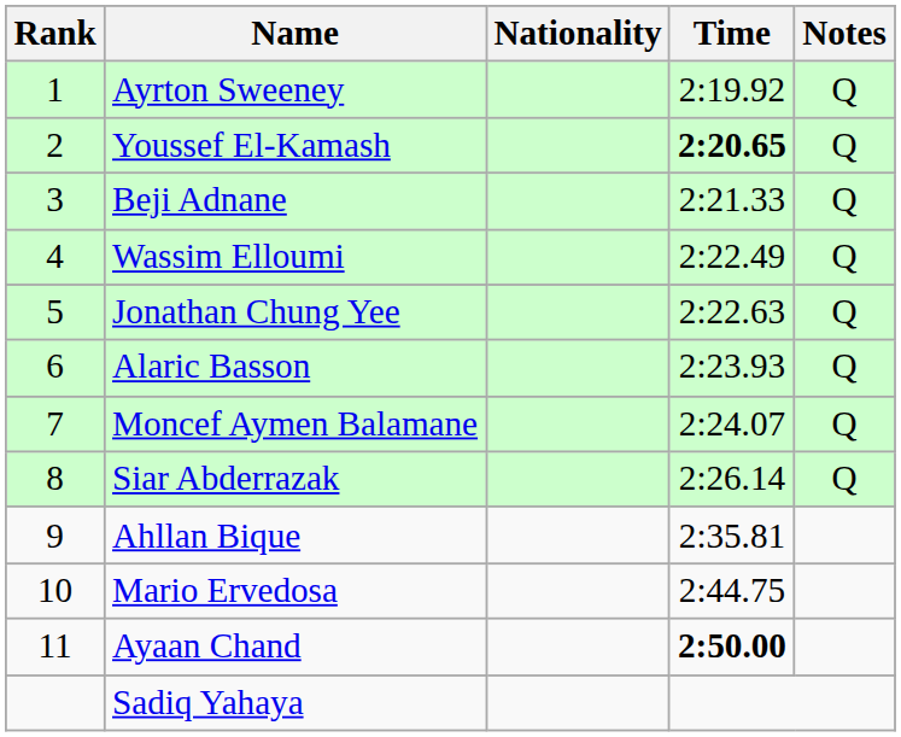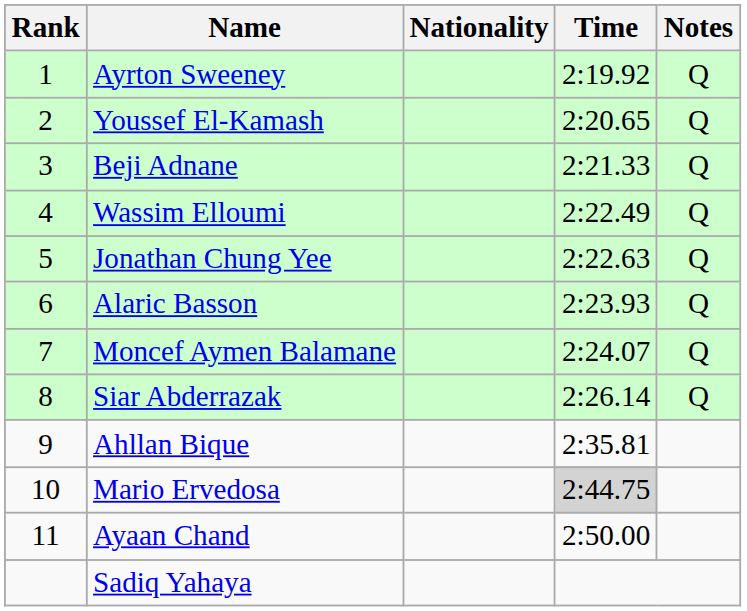 <table class="wikitable sortable" style="text-align:center">
 <tr>
 <th>Rank</th>
 <th>Name</th>
 <th>Nationality</th>
 <th>Time</th>
 <th>Notes</th>
 </tr>
 <tr bgcolor=ccffcc>
 <td>1</td>
 <td align=left><a href='#'>Ayrton Sweeney</a></td>
 <td align=left></td>
 <td>2:19.92</td>
 <td>Q</td>
 </tr>
 <tr bgcolor=ccffcc>
 <td>2</td>
 <td align=left><a href='#'>Youssef El-Kamash</a></td>
 <td align=left></td>
-<td><strong>2:20.65</strong></td>
+<td>2:20.65</td>
 <td>Q</td>
 </tr>
 <tr bgcolor=ccffcc>
 <td>3</td>
 <td align=left><a href='#'>Beji Adnane</a></td>
 <td align=left></td>
 <td>2:21.33</td>
 <td>Q</td>
 </tr>
 <tr bgcolor=ccffcc>
 <td>4</td>
 <td align=left><a href='#'>Wassim Elloumi</a></td>
 <td align=left></td>
 <td>2:22.49</td>
 <td>Q</td>
 </tr>
 <tr bgcolor=ccffcc>
 <td>5</td>
 <td align=left><a href='#'>Jonathan Chung Yee</a></td>
 <td align=left></td>
 <td>2:22.63</td>
 <td>Q</td>
 </tr>
 <tr bgcolor=ccffcc>
 <td>6</td>
 <td align=left><a href='#'>Alaric Basson</a></td>
 <td align=left></td>
 <td>2:23.93</td>
 <td>Q</td>
 </tr>
 <tr bgcolor=ccffcc>
 <td>7</td>
 <td align=left><a href='#'>Moncef Aymen Balamane</a></td>
 <td align=left></td>
 <td>2:24.07</td>
 <td>Q</td>
 </tr>
 <tr bgcolor=ccffcc>
 <td>8</td>
 <td align=left><a href='#'>Siar Abderrazak</a></td>
 <td align=left></td>
 <td>2:26.14</td>
 <td>Q</td>
 </tr>
 <tr>
 <td>9</td>
 <td align=left><a href='#'>Ahllan Bique</a></td>
 <td align=left></td>
 <td>2:35.81</td>
 <td></td>
 </tr>
 <tr>
 <td>10</td>
 <td align=left><a href='#'>Mario Ervedosa</a></td>
 <td align=left></td>
-<td>2:44.75</td>
+<td style="background: lightgrey;">2:44.75</td>
 <td></td>
 </tr>
 <tr>
 <td>11</td>
 <td align=left><a href='#'>Ayaan Chand</a></td>
 <td align=left></td>
-<td><strong>2:50.00</strong></td>
+<td>2:50.00</td>
 <td></td>
 </tr>
 <tr>
 <td></td>
 <td align=left><a href='#'>Sadiq Yahaya</a></td>
 <td align=left></td>
 <td colspan=2></td>
 </tr>
 </table>
